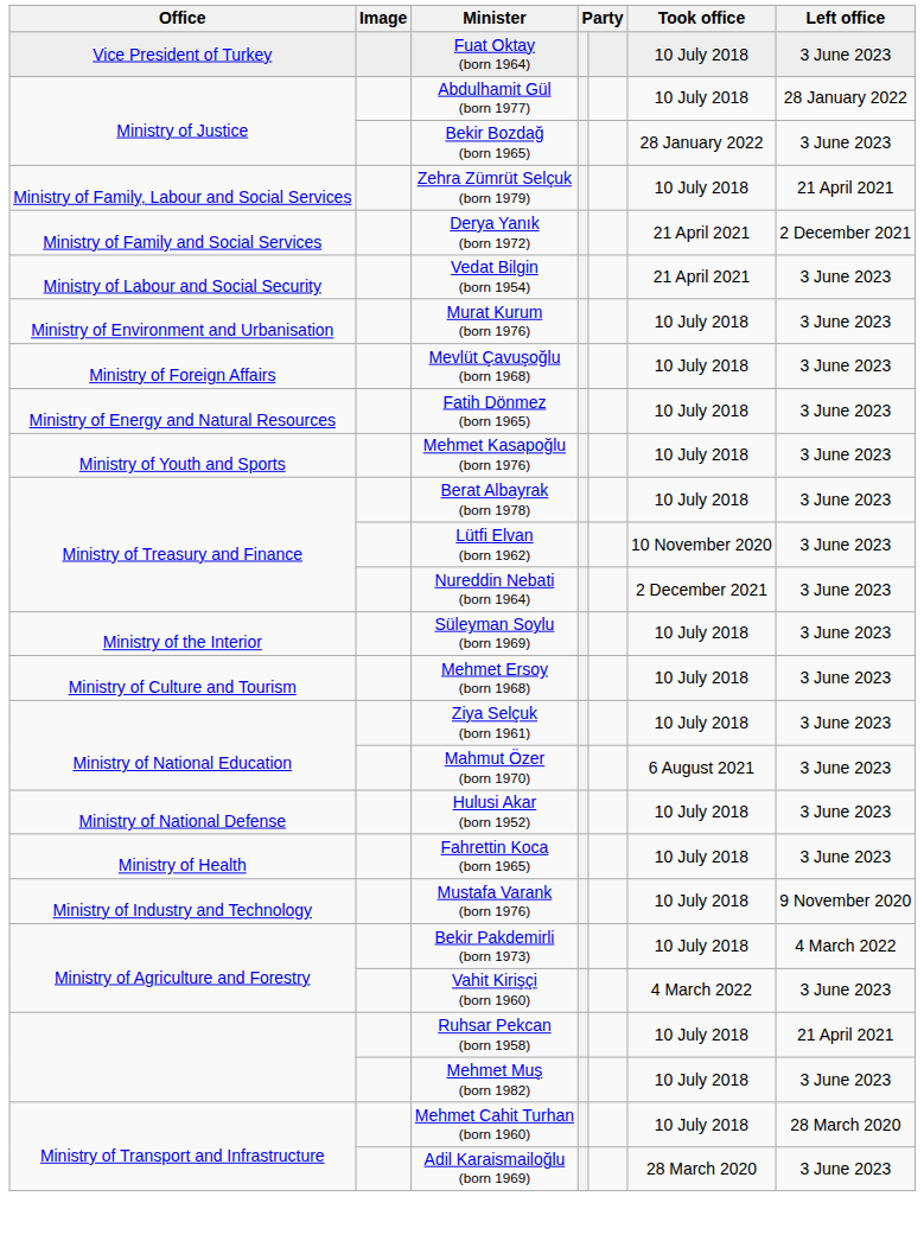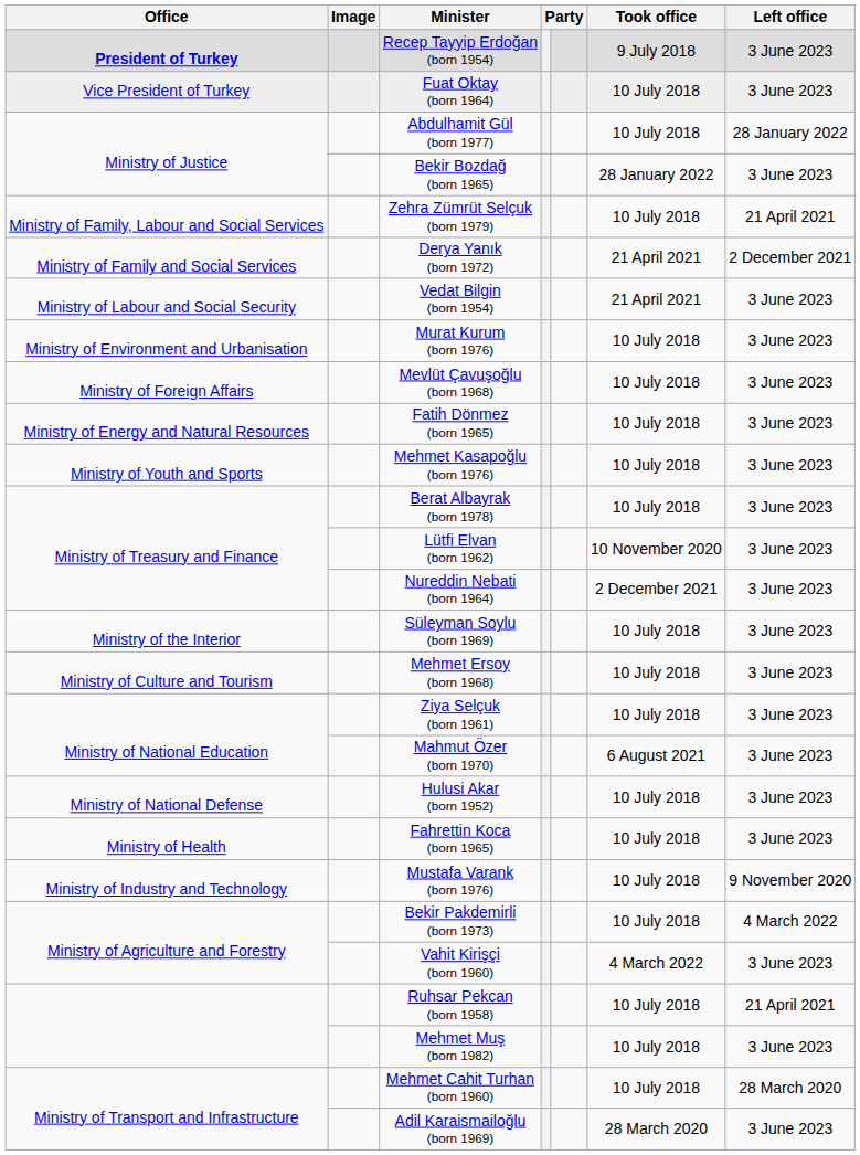 <table class="wikitable sortable" style="font-size:90%;margin-left: auto; margin-right: auto; border: none; text-align:center">
 <tr>
 <th>Office</th>
 <th class="unsortable">Image</th>
 <th>Minister</th>
 <th colspan=2>Party</th>
 <th>Took office</th>
 <th>Left office</th>
+</tr>
+<tr>
+<td bgcolor=#DDDDDD><br> <strong><a href='#'>President of Turkey</a></strong><br></td>
+<td bgcolor=#DDDDDD></td>
+<td bgcolor=#DDDDDD><a href='#'>Recep Tayyip Erdoğan</a><br><small>(born 1954)</small></td>
+<th style="width:2px;background: "></th>
+<td bgcolor=#DDDDDD></td>
+<td bgcolor=#DDDDDD>9 July 2018</td>
+<td bgcolor=#DDDDDD>3 June 2023</td>
 </tr>
 <tr>
 <td bgcolor=#EEEEEE><a href='#'>Vice President of Turkey</a><br></td>
 <td bgcolor=#EEEEEE></td>
 <td bgcolor=#EEEEEE><a href='#'>Fuat Oktay</a><br><small>(born 1964)</small></td>
 <th style="width:2px;background: "></th>
 <td bgcolor=#EEEEEE></td>
 <td bgcolor=#EEEEEE>10 July 2018</td>
 <td bgcolor=#EEEEEE>3 June 2023</td>
 </tr>
 <tr>
 <td rowspan="2"><br> <a href='#'>Ministry of Justice</a><br></td>
 <td></td>
 <td><a href='#'>Abdulhamit Gül</a><br><small>(born 1977)</small></td>
 <th style="width:2px;background: "></th>
 <td></td>
 <td>10 July 2018</td>
 <td>28 January 2022</td>
 </tr>
 <tr>
 <td></td>
 <td><a href='#'>Bekir Bozdağ</a><br><small>(born 1965)</small></td>
 <th style="width:2px;background: "></th>
 <td></td>
 <td>28 January 2022</td>
 <td>3 June 2023</td>
 </tr>
 <tr>
 <td><br> <a href='#'>Ministry of Family, Labour and Social Services</a><br></td>
 <td></td>
 <td><a href='#'>Zehra Zümrüt Selçuk</a><br><small>(born 1979)</small></td>
 <th style="width:2px;background: "></th>
 <td></td>
 <td>10 July 2018</td>
 <td>21 April 2021</td>
 </tr>
 <tr>
 <td><br> <a href='#'>Ministry of Family and Social Services</a><br></td>
 <td></td>
 <td><a href='#'>Derya Yanık</a><br><small>(born 1972)</small></td>
 <th style="width:2px;background: "></th>
 <td></td>
 <td>21 April 2021</td>
 <td>2 December 2021</td>
 </tr>
 <tr>
 <td><br> <a href='#'>Ministry of Labour and Social Security</a><br></td>
 <td></td>
 <td><a href='#'>Vedat Bilgin</a><br><small>(born 1954)</small></td>
 <th style="width:2px;background: "></th>
 <td></td>
 <td>21 April 2021</td>
 <td>3 June 2023</td>
 </tr>
 <tr>
 <td><br> <a href='#'>Ministry of Environment and Urbanisation</a><br></td>
 <td></td>
 <td><a href='#'>Murat Kurum</a><br><small>(born 1976)</small></td>
 <th style="width:2px;background: "></th>
 <td></td>
 <td>10 July 2018</td>
 <td>3 June 2023</td>
 </tr>
 <tr>
 <td><br> <a href='#'>Ministry of Foreign Affairs</a><br></td>
 <td></td>
 <td><a href='#'>Mevlüt Çavuşoğlu</a><br><small>(born 1968)</small></td>
 <th style="width:2px;background: "></th>
 <td></td>
 <td>10 July 2018</td>
 <td>3 June 2023</td>
 </tr>
 <tr>
 <td><br> <a href='#'>Ministry of Energy and Natural Resources</a><br></td>
 <td></td>
 <td><a href='#'>Fatih Dönmez</a><br><small>(born 1965)</small></td>
 <th style="width:2px;background: "></th>
 <td></td>
 <td>10 July 2018</td>
 <td>3 June 2023</td>
 </tr>
 <tr>
 <td><br> <a href='#'>Ministry of Youth and Sports</a><br></td>
 <td></td>
 <td><a href='#'>Mehmet Kasapoğlu</a><br><small>(born 1976)</small></td>
 <th style="width:2px;background: "></th>
 <td></td>
 <td>10 July 2018</td>
 <td>3 June 2023</td>
 </tr>
 <tr>
 <td rowspan="3"><br> <a href='#'>Ministry of Treasury and Finance</a><br></td>
 <td></td>
 <td><a href='#'>Berat Albayrak</a><br><small>(born 1978)</small></td>
 <th style="width:2px;background: "></th>
 <td></td>
 <td>10 July 2018</td>
 <td>3 June 2023</td>
 </tr>
 <tr>
 <td></td>
 <td><a href='#'>Lütfi Elvan</a><br><small>(born 1962)</small></td>
 <th style="width:2px;background: "></th>
 <td></td>
 <td>10 November 2020</td>
 <td>3 June 2023</td>
 </tr>
 <tr>
 <td></td>
 <td><a href='#'>Nureddin Nebati</a><br><small>(born 1964)</small></td>
 <th style="width:2px;background: "></th>
 <td></td>
 <td>2 December 2021</td>
 <td>3 June 2023</td>
 </tr>
 <tr>
 <td><br> <a href='#'>Ministry of the Interior</a><br></td>
 <td></td>
 <td><a href='#'>Süleyman Soylu</a><br><small>(born 1969)</small></td>
 <th style="width:2px;background: "></th>
 <td></td>
 <td>10 July 2018</td>
 <td>3 June 2023</td>
 </tr>
 <tr>
 <td><br> <a href='#'>Ministry of Culture and Tourism</a><br></td>
 <td></td>
 <td><a href='#'>Mehmet Ersoy</a><br><small>(born 1968)</small></td>
 <th style="width:2px;background: "></th>
 <td></td>
 <td>10 July 2018</td>
 <td>3 June 2023</td>
 </tr>
 <tr>
 <td rowspan="2"><br><br> <a href='#'>Ministry of National Education</a><br></td>
 <td></td>
 <td><a href='#'>Ziya Selçuk</a><br><small>(born 1961)</small></td>
 <th style="width:2px;background: "></th>
 <td></td>
 <td>10 July 2018</td>
 <td>3 June 2023</td>
 </tr>
 <tr>
 <td></td>
 <td><a href='#'>Mahmut Özer</a><br><small>(born 1970)</small></td>
 <th style="width:2px;background: "></th>
 <td></td>
 <td>6 August 2021</td>
 <td>3 June 2023</td>
 </tr>
 <tr>
 <td><br> <a href='#'>Ministry of National Defense</a><br></td>
 <td></td>
 <td><a href='#'>Hulusi Akar</a><br><small>(born 1952)</small></td>
 <th style="width:2px;background: "></th>
 <td></td>
 <td>10 July 2018</td>
 <td>3 June 2023</td>
 </tr>
 <tr>
 <td><br> <a href='#'>Ministry of Health</a><br></td>
 <td></td>
 <td><a href='#'>Fahrettin Koca</a><br><small>(born 1965)</small></td>
 <th style="width:2px;background: "></th>
 <td></td>
 <td>10 July 2018</td>
 <td>3 June 2023</td>
 </tr>
 <tr>
 <td> <br><a href='#'>Ministry of Industry and Technology</a><br></td>
 <td></td>
 <td><a href='#'>Mustafa Varank</a><br><small>(born 1976)</small></td>
 <th style="width:2px;background: "></th>
 <td></td>
 <td>10 July 2018</td>
 <td>9 November 2020</td>
 </tr>
 <tr>
 <td rowspan="2"><br> <a href='#'>Ministry of Agriculture and Forestry</a><br></td>
 <td></td>
 <td><a href='#'>Bekir Pakdemirli</a><br><small>(born 1973)</small></td>
 <th style="width:2px;background: "></th>
 <td></td>
 <td>10 July 2018</td>
 <td>4 March 2022</td>
 </tr>
 <tr>
 <td></td>
 <td><a href='#'>Vahit Kirişçi</a><br><small>(born 1960)</small></td>
 <th style="width:2px;background: "></th>
 <td></td>
 <td>4 March 2022</td>
 <td>3 June 2023</td>
 </tr>
 <tr>
 <td rowspan="2"></td>
 <td></td>
 <td><a href='#'>Ruhsar Pekcan</a><br><small>(born 1958)</small></td>
 <th style="width:2px;background: "></th>
 <td></td>
 <td>10 July 2018</td>
 <td>21 April 2021</td>
 </tr>
 <tr>
 <td></td>
 <td><a href='#'>Mehmet Muş</a><br><small>(born 1982)</small></td>
 <th style="width:2px;background: "></th>
 <td></td>
 <td>10 July 2018</td>
 <td>3 June 2023</td>
 </tr>
 <tr>
 <td rowspan="2"><br> <a href='#'>Ministry of Transport and Infrastructure</a><br></td>
 <td></td>
 <td><a href='#'>Mehmet Cahit Turhan</a><br><small>(born 1960)</small></td>
 <th style="width:2px;background: "></th>
 <td></td>
 <td>10 July 2018</td>
 <td>28 March 2020</td>
 </tr>
 <tr>
 <td></td>
 <td><a href='#'>Adil Karaismailoğlu</a><br><small>(born 1969)</small></td>
 <th style="width:2px;background: "></th>
 <td></td>
 <td>28 March 2020</td>
 <td>3 June 2023</td>
 </tr>
 </table>
